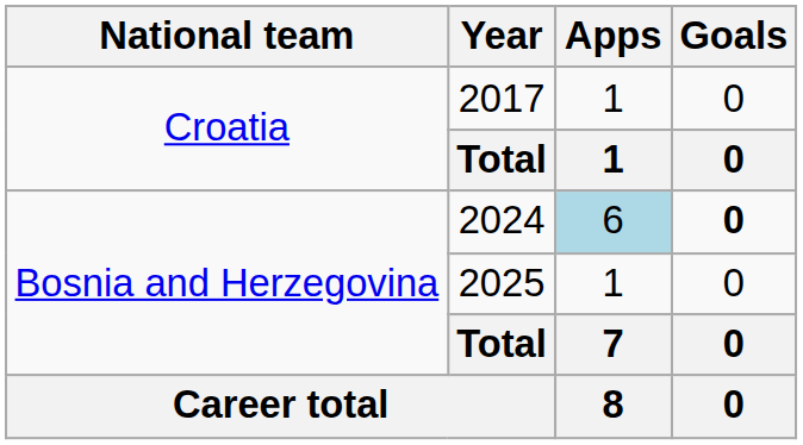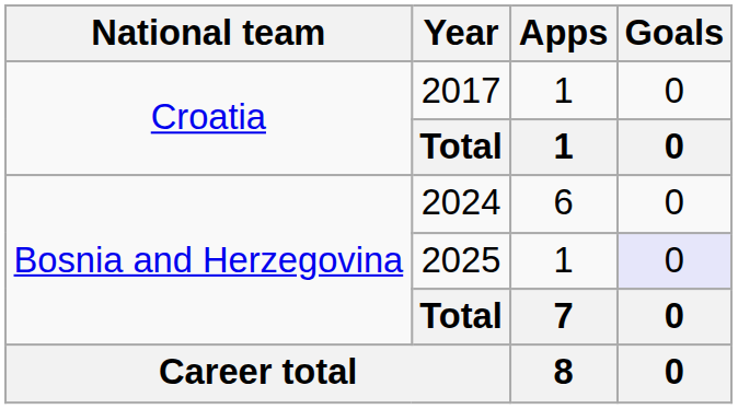 <table class="wikitable" style="text-align:center">
 <tr>
 <th>National team</th>
 <th>Year</th>
 <th>Apps</th>
 <th>Goals</th>
 </tr>
 <tr>
 <td rowspan="2"><a href='#'>Croatia</a></td>
 <td>2017</td>
 <td>1</td>
 <td>0</td>
 </tr>
 <tr>
 <th>Total</th>
 <th>1</th>
 <th>0</th>
 </tr>
 <tr>
 <td rowspan="3"><a href='#'>Bosnia and Herzegovina</a></td>
 <td>2024</td>
-<td style="background: lightblue;">6</td>
-<td><strong>0</strong></td>
+<td>6</td>
+<td>0</td>
 </tr>
 <tr>
 <td>2025</td>
 <td>1</td>
-<td>0</td>
+<td style="background: lavender;">0</td>
 </tr>
 <tr>
 <th>Total</th>
 <th>7</th>
 <th>0</th>
 </tr>
 <tr>
 <th colspan="2">Career total</th>
 <th>8</th>
 <th>0</th>
 </tr>
 </table>
